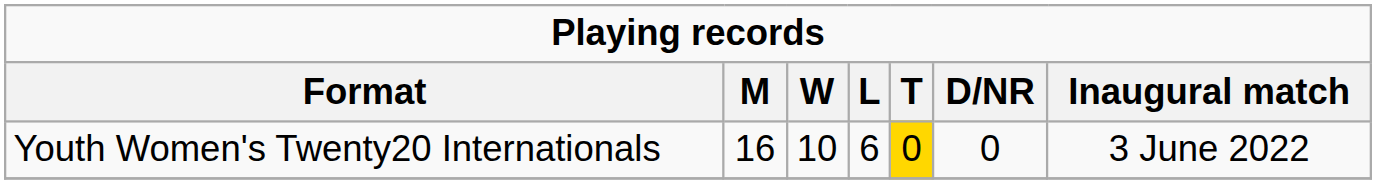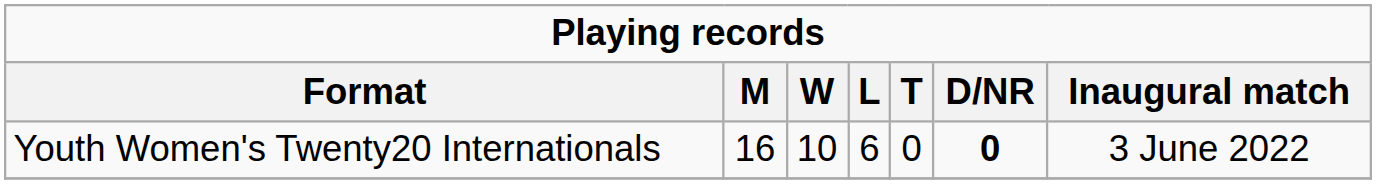 <table class="wikitable" style="text-align: center; width: 600px">
 <tr>
 <td colspan=7 align="center"><strong>Playing records</strong></td>
 </tr>
 <tr>
 <th>Format</th>
 <th>M</th>
 <th>W</th>
 <th>L</th>
 <th>T</th>
 <th>D/NR</th>
 <th>Inaugural match</th>
 </tr>
 <tr>
 <td align="left">Youth Women's Twenty20 Internationals</td>
 <td>16</td>
 <td>10</td>
 <td>6</td>
-<td style="background: gold;">0</td>
 <td>0</td>
+<td><strong>0</strong></td>
 <td>3 June 2022</td>
 </tr>
 <tr>
 </tr>
 </table>
